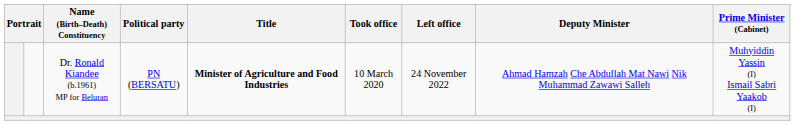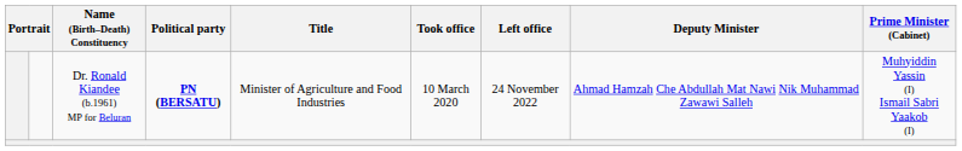 <table class="wikitable" style="text-align:center;">
 <tr>
 <th colspan=2>Portrait</th>
 <th>Name<br><small>(Birth–Death)<br>Constituency</small></th>
 <th>Political party</th>
 <th>Title</th>
 <th>Took office</th>
 <th>Left office</th>
 <th>Deputy Minister</th>
 <th><a href='#'>Prime Minister</a><br><small>(Cabinet)</small></th>
 </tr>
 <tr>
 <th style="background:"></th>
 <td></td>
 <td>Dr. <a href='#'>Ronald Kiandee</a><br><small>(b.1961)<br>MP for <a href='#'>Beluran</a></small></td>
-<td><a href='#'>PN</a> (<a href='#'>BERSATU</a>)</td>
-<td><strong>Minister of Agriculture and Food Industries</strong></td>
+<td><strong><a href='#'>PN</a> (<a href='#'>BERSATU</a>)</strong></td>
+<td>Minister of Agriculture and Food Industries</td>
 <td>10 March 2020</td>
 <td>24 November 2022</td>
 <td><a href='#'>Ahmad Hamzah</a> <a href='#'>Che Abdullah Mat Nawi</a> <a href='#'>Nik Muhammad Zawawi Salleh</a> </td>
 <td><a href='#'>Muhyiddin Yassin</a><br><small>(I)</small><br><a href='#'>Ismail Sabri Yaakob</a><br><small>(I)</small></td>
 </tr>
 <tr>
 <th colspan="9" bgcolor="cccccc"></th>
 </tr>
 </table>
